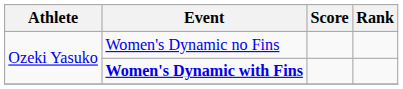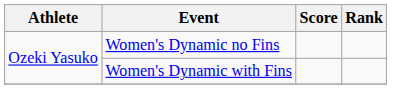 <table class=wikitable style=font-size:90%;text-align:center>
 <tr>
 <th>Athlete</th>
 <th>Event</th>
 <th>Score</th>
 <th>Rank</th>
 </tr>
 <tr>
 <td rowspan="2" align="left"><a href='#'>Ozeki Yasuko</a></td>
 <td align=left><a href='#'>Women's Dynamic no Fins</a></td>
 <td></td>
 <td></td>
 </tr>
 <tr>
-<td align=left><strong><a href='#'>Women's Dynamic with Fins</a></strong></td>
+<td align=left><a href='#'>Women's Dynamic with Fins</a></td>
 <td></td>
 <td></td>
 </tr>
 <tr>
 </tr>
 </table>
